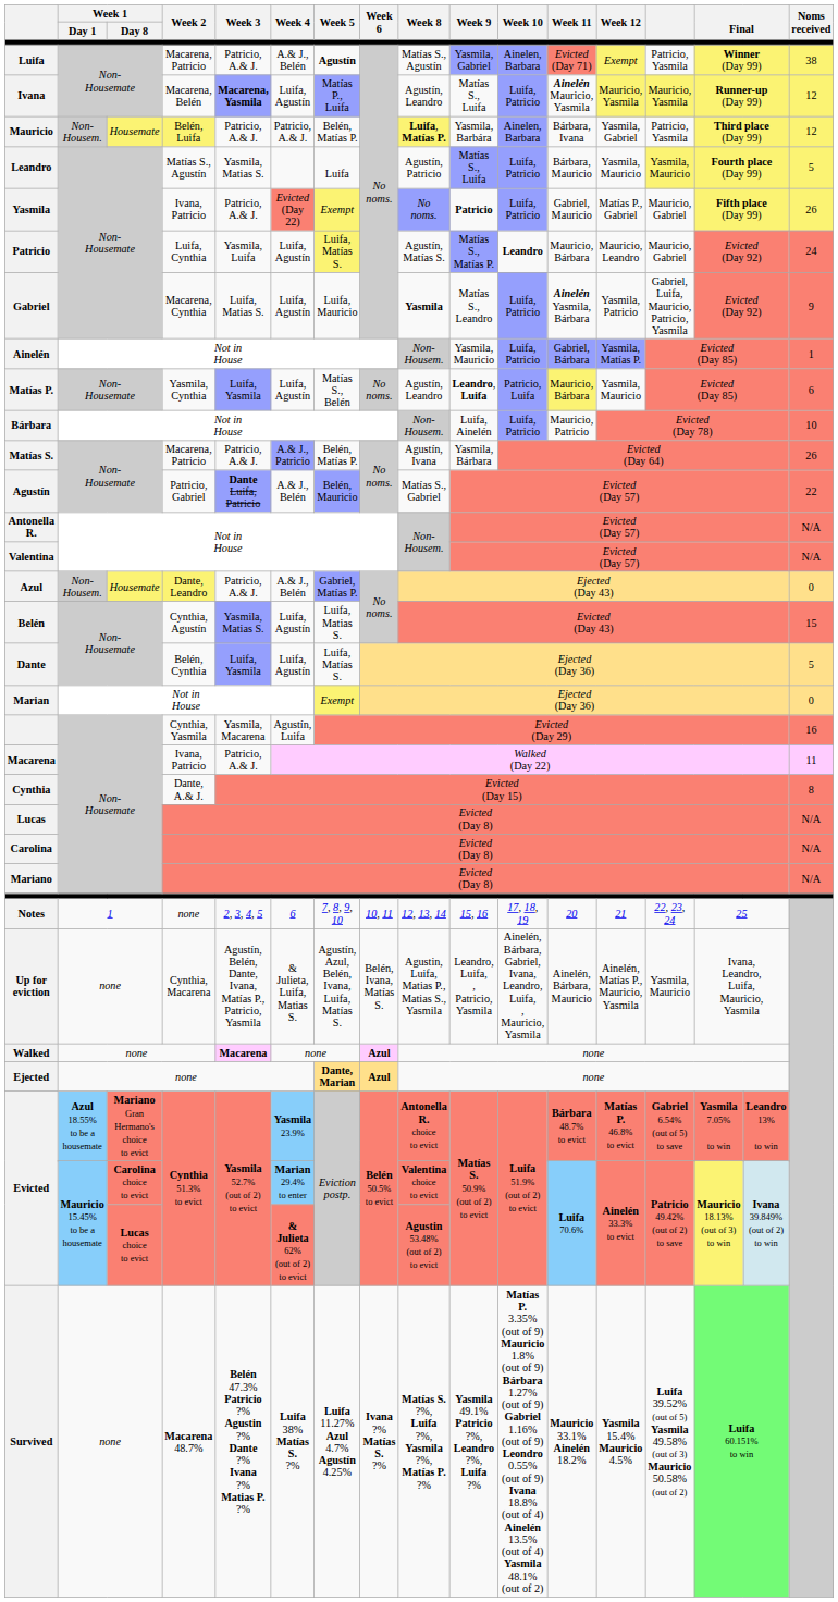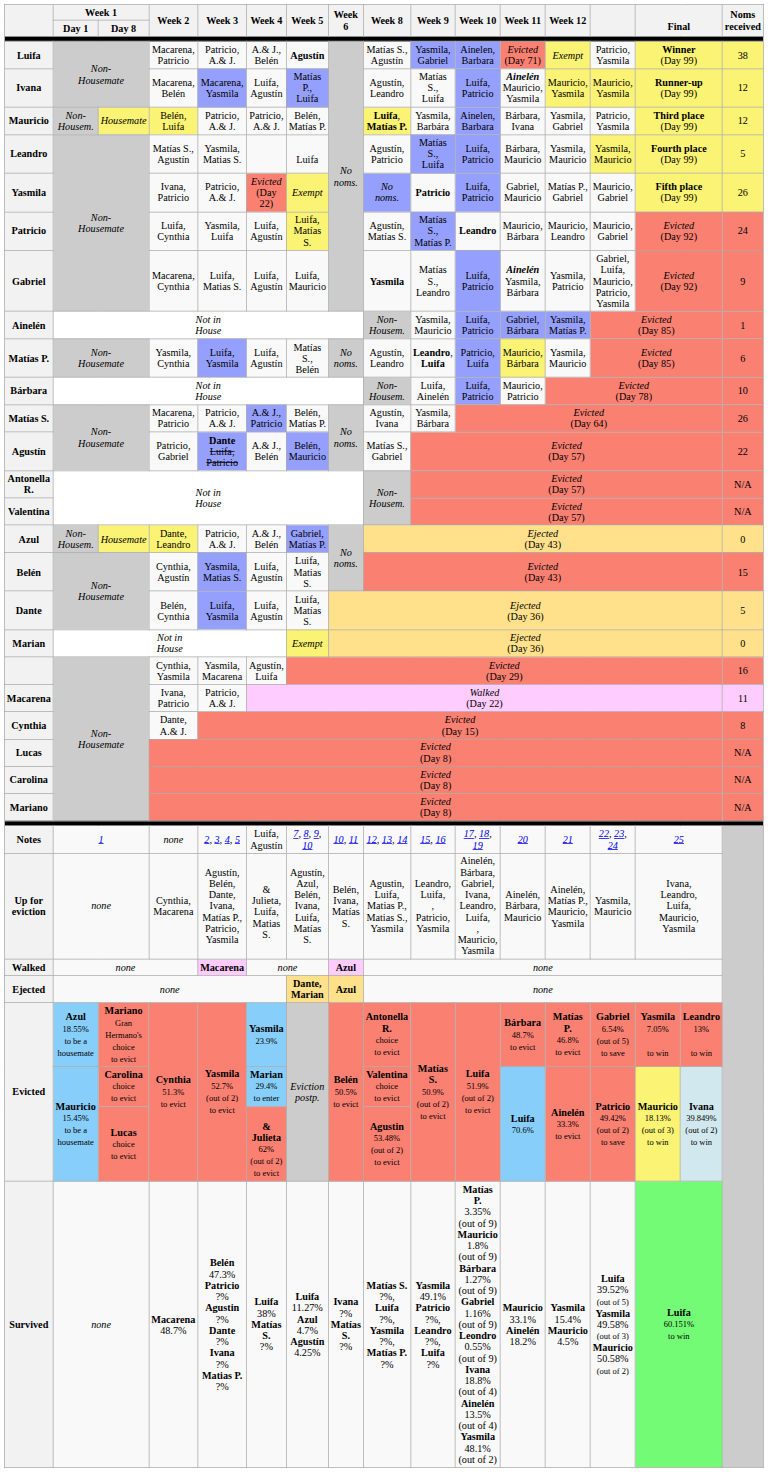 <table class="wikitable" style="text-align:center; font-size:85%; line-height:15px">
 <tr>
 <th rowspan="2" style="width: 5%;"></th>
 <th colspan="2" style="width: 10%;">Week 1</th>
 <th rowspan="2" style="width: 5%;">Week 2</th>
 <th rowspan="2" style="width: 5%;">Week 3</th>
 <th rowspan="2" style="width: 5%;">Week 4</th>
 <th rowspan="2" style="width: 5%;">Week 5</th>
 <th rowspan="2" style="width: 5%;">Week 6</th>
 <th rowspan="2" style="width: 5%;">Week 8</th>
 <th rowspan="2" style="width: 5%;">Week 9</th>
 <th rowspan="2" style="width: 5%;">Week 10</th>
 <th rowspan="2" style="width: 5%;">Week 11</th>
 <th rowspan="2" style="width: 5%;">Week 12</th>
 <th rowspan="2" style="width: 5%;"></th>
 <th colspan="2" rowspan="2" style="width: 10%;"><br>Final</th>
 <th rowspan="2" style="width: 5%;">Noms<br>received</th>
 </tr>
 <tr>
 <th style="width: 5%;">Day 1</th>
 <th style="width: 5%;">Day 8</th>
 </tr>
 <tr>
 <td colspan="17" style="background:black;"></td>
 </tr>
 <tr>
 <th>Luifa</th>
 <td colspan="2" rowspan="2" style="background:#CCC;"><em>Non-<br>Housemate</em></td>
 <td>Macarena,<br>Patricio</td>
 <td>Patricio,<br>A.& J.</td>
 <td>A.& J.,<br>Belén</td>
 <td><strong>Agustín </strong></td>
 <td rowspan="7" style="background:#ccc"><em>No<br>noms.</em></td>
 <td>Matías S.,<br>Agustín</td>
 <td style="background:#959FFD">Yasmila,<br>Gabriel</td>
 <td style="background:#959FFD">Ainelen,<br>Barbara</td>
 <td style="background:salmon;"><em>Evicted</em><br>(Day 71)</td>
 <td style="background:#FBF373"><em>Exempt</em></td>
 <td>Patricio,<br>Yasmila</td>
 <td style="background:#FBF373" colspan="2"><strong>Winner</strong><br>(Day 99)</td>
 <td style="background:#FBF373;">38</td>
 </tr>
 <tr>
 <th>Ivana</th>
 <td>Macarena,<br>Belén</td>
-<td style="background:#959FFD"><strong>Macarena,<br>Yasmila</strong></td>
+<td style="background:#959FFD">Macarena,<br>Yasmila</td>
 <td>Luifa,<br>Agustín</td>
 <td style="background:#959FFD">Matías P.,<br>Luifa</td>
 <td>Agustín,<br>Leandro</td>
 <td>Matías S.,<br>Luifa</td>
 <td style="background:#959FFD">Luifa,<br>Patricio</td>
 <td><strong><em>Ainelén</em></strong><br>Mauricio,<br>Yasmila</td>
 <td style="background:#FBF373">Mauricio,<br>Yasmila</td>
 <td style="background:#FBF373">Mauricio,<br>Yasmila</td>
 <td style="background:#FBF373" colspan="2"><strong>Runner-up</strong><br>(Day 99)</td>
 <td style="background:#FBF373;">12</td>
 </tr>
 <tr>
 <th>Mauricio</th>
 <td style="background:#CCC;"><em>Non-<br>Housem.</em></td>
 <td style="background:#FBF373"><em>Housemate</em></td>
 <td style="background:#FBF373">Belén,<br>Luifa</td>
 <td>Patricio,<br>A.& J.</td>
 <td>Patricio,<br>A.& J.</td>
 <td>Belén,<br>Matías P.</td>
 <td style="background:#FBF373"><strong>Luifa</strong>,<br><strong>Matías P.</strong></td>
 <td>Yasmila,<br>Barbára</td>
 <td style="background:#959FFD">Ainelen,<br>Barbara</td>
 <td>Bárbara,<br>Ivana</td>
 <td>Yasmila,<br>Gabriel</td>
 <td>Patricio,<br>Yasmila</td>
 <td style="background:#FBF373" colspan="2"><strong>Third place</strong><br>(Day 99)</td>
 <td style="background:#FBF373;">12</td>
 </tr>
 <tr>
 <th>Leandro</th>
 <td colspan="2" rowspan="4" style="background:#CCC;"><em>Non-<br>Housemate</em></td>
 <td>Matías S.,<br>Agustín</td>
 <td>Yasmila,<br>Matias S.</td>
 <td></td>
 <td><br>Luifa</td>
 <td>Agustín,<br>Patricio</td>
 <td style="background:#959FFD">Matías S.,<br>Luifa</td>
 <td style="background:#959FFD">Luifa,<br>Patricio</td>
 <td>Bárbara,<br>Mauricio</td>
 <td>Yasmila,<br>Mauricio</td>
 <td style="background:#FBF373">Yasmila,<br>Mauricio</td>
 <td colspan="2" style="background:#FBF373;"><strong>Fourth place</strong><br>(Day 99)</td>
 <td style="background:#FBF373;">5</td>
 </tr>
 <tr>
 <th>Yasmila</th>
 <td>Ivana,<br>Patricio</td>
 <td>Patricio,<br>A.& J.</td>
 <td style="background:salmon;"><em>Evicted</em><br>(Day 22)</td>
 <td style="background:#FBF373"><em>Exempt</em></td>
 <td style="background:#959FFD"><em>No<br>noms.</em></td>
 <td><strong>Patricio</strong></td>
 <td style="background:#959FFD">Luifa,<br>Patricio</td>
 <td>Gabriel,<br>Mauricio</td>
 <td nowrap>Matías P.,<br>Gabriel</td>
 <td>Mauricio,<br>Gabriel</td>
 <td colspan="2" style="background:#FBF373;"><strong>Fifth place</strong><br>(Day 99)</td>
 <td style="background:#FBF373;">26</td>
 </tr>
 <tr>
 <th>Patricio</th>
 <td>Luifa,<br>Cynthia</td>
 <td>Yasmila,<br>Luifa</td>
 <td>Luifa,<br>Agustín</td>
 <td style="background:#FBF373">Luifa,<br>Matías S.</td>
 <td>Agustín,<br>Matías S.</td>
 <td style="background:#959FFD">Matías S.,<br>Matías P.</td>
 <td><strong>Leandro</strong></td>
 <td>Mauricio,<br>Bárbara</td>
 <td>Mauricio,<br>Leandro</td>
 <td>Mauricio,<br>Gabriel</td>
 <td colspan="2" style="background:salmon;"><em>Evicted</em><br>(Day 92)</td>
 <td style="background:salmon;">24</td>
 </tr>
 <tr>
 <th>Gabriel</th>
 <td>Macarena,<br>Cynthia</td>
 <td>Luifa,<br>Matias S.</td>
 <td>Luifa,<br>Agustín</td>
 <td>Luifa,<br>Mauricio</td>
 <td><strong>Yasmila</strong></td>
 <td>Matías S.,<br>Leandro</td>
 <td style="background:#959FFD">Luifa,<br>Patricio</td>
 <td><strong><em>Ainelén</em></strong><br>Yasmila,<br>Bárbara</td>
 <td>Yasmila,<br>Patricio</td>
 <td>Gabriel,<br>Luifa,<br>Mauricio,<br>Patricio,<br>Yasmila</td>
 <td colspan="2" style="background:salmon;"><em>Evicted</em><br>(Day 92)</td>
 <td style="background:salmon;">9</td>
 </tr>
 <tr>
 <th>Ainelén</th>
 <td colspan="7" style="background:white;"><em>Not in<br>House</em></td>
 <td style="background:#CCC;"><em>Non-<br>Housem.</em></td>
 <td>Yasmila,<br>Mauricio</td>
 <td style="background:#959FFD">Luifa,<br>Patricio</td>
 <td style="background:#959FFD">Gabriel,<br>Bárbara</td>
 <td style="background:#959FFD" nowrap>Yasmila,<br>Matías P.</td>
 <td colspan="3" style="background:salmon;"><em>Evicted</em><br>(Day 85)</td>
 <td style="background:salmon;">1</td>
 </tr>
 <tr>
 <th>Matías P.</th>
 <td colspan="2" style="background:#CCC;"><em>Non-<br>Housemate</em></td>
 <td>Yasmila,<br>Cynthia</td>
 <td style="background:#959FFD">Luifa,<br>Yasmila</td>
 <td>Luifa,<br>Agustín</td>
 <td>Matías S.,<br>Belén</td>
 <td style="background:#ccc"><em>No<br>noms.</em></td>
 <td>Agustín,<br>Leandro</td>
 <td><strong>Leandro</strong>,<br><strong>Luifa</strong></td>
 <td style="background:#959FFD">Patricio,<br>Luifa</td>
 <td style="background:#FBF373">Mauricio,<br>Bárbara</td>
 <td>Yasmila,<br>Mauricio</td>
 <td colspan="3" style="background:salmon;"><em>Evicted</em><br>(Day 85)</td>
 <td style="background:salmon;">6</td>
 </tr>
 <tr>
 <th>Bárbara</th>
 <td colspan="7" style="background:white;"><em>Not in<br>House</em></td>
 <td style="background:#CCC;"><em>Non-<br>Housem.</em></td>
 <td>Luifa,<br>Ainelén</td>
 <td style="background:#959FFD">Luifa,<br>Patricio</td>
 <td>Mauricio,<br>Patricio</td>
 <td colspan="4" style="background:salmon;"><em>Evicted</em><br>(Day 78)</td>
 <td style="background:salmon;">10</td>
 </tr>
 <tr>
 <th>Matías S.</th>
 <td colspan="2" rowspan="2" style="background:#CCC;"><em>Non-<br>Housemate</em></td>
 <td>Macarena,<br>Patricio</td>
 <td>Patricio,<br>A.& J.</td>
 <td style="background:#959FFD">A.& J.,<br>Patricio</td>
 <td>Belén,<br>Matías P.</td>
 <td rowspan="2" style="background:#ccc"><em>No<br>noms.</em></td>
 <td>Agustín,<br>Ivana</td>
 <td>Yasmila,<br>Bárbara</td>
 <td colspan="6" style="background:salmon;"><em>Evicted</em><br>(Day 64)</td>
 <td style="background:salmon;">26</td>
 </tr>
 <tr>
 <th>Agustín</th>
 <td>Patricio,<br>Gabriel</td>
 <td style="background:#959FFD"><strong>Dante</strong><br><s>Luifa,<br>Patricio</s></td>
 <td>A.& J.,<br>Belén</td>
 <td style="background:#959FFD">Belén,<br>Mauricio</td>
 <td>Matías S.,<br>Gabriel</td>
 <td colspan="7" style="background:salmon;"><em>Evicted</em><br>(Day 57)</td>
 <td style="background:salmon;">22</td>
 </tr>
 <tr>
 <th>Antonella R.</th>
 <td colspan="7" rowspan="2" style="background:white;"><em>Not in<br>House</em></td>
 <td rowspan="2" style="background:#CCC;"><em>Non-<br>Housem.</em></td>
 <td colspan="7" style="background:salmon;"><em>Evicted</em><br>(Day 57)</td>
 <td style="background:salmon;">N/A</td>
 </tr>
 <tr>
 <th>Valentina</th>
 <td colspan="7" style="background:salmon;"><em>Evicted</em><br>(Day 57)</td>
 <td style="background:salmon;">N/A</td>
 </tr>
 <tr>
 <th>Azul</th>
 <td style="background:#CCC;"><em>Non-<br>Housem.</em></td>
 <td style="background:#FBF373"><em>Housemate</em></td>
 <td style="background:#FBF373">Dante,<br>Leandro</td>
 <td>Patricio,<br>A.& J.</td>
 <td>A.& J.,<br>Belén</td>
 <td style="background:#959FFD">Gabriel,<br>Matías P.</td>
 <td rowspan="2" style="background:#ccc"><em>No<br>noms.</em></td>
 <td colspan="8" style="background:#FFE08B;"><em>Ejected</em><br>(Day 43)</td>
 <td style="background:#FFE08B;">0</td>
 </tr>
 <tr>
 <th>Belén</th>
 <td colspan="2" rowspan="2" style="background:#CCC;"><em>Non-<br>Housemate</em></td>
 <td>Cynthia,<br>Agustín</td>
 <td style="background:#959FFD">Yasmila,<br>Matias S.</td>
 <td>Luifa,<br>Agustín</td>
 <td>Luifa,<br>Matias S.</td>
 <td colspan="8" style="background:salmon;"><em>Evicted</em><br>(Day 43)</td>
 <td style="background:salmon;">15</td>
 </tr>
 <tr>
 <th>Dante</th>
 <td>Belén,<br>Cynthia</td>
 <td style="background:#959FFD">Luifa,<br>Yasmila</td>
 <td>Luifa,<br>Agustín</td>
 <td>Luifa,<br>Matías S.</td>
 <td colspan="9" style="background:#FFE08B;"><em>Ejected</em><br>(Day 36)</td>
 <td style="background:#FFE08B;">5</td>
 </tr>
 <tr>
 <th>Marian</th>
 <td colspan="5" style="background:white;"><em>Not in<br>House</em></td>
 <td style="background:#FBF373"><em>Exempt</em></td>
 <td colspan="9" style="background:#FFE08B;"><em>Ejected</em><br>(Day 36)</td>
 <td style="background:#FFE08B;">0</td>
 </tr>
 <tr>
 <th></th>
 <td colspan="2" rowspan="6" style="background:#CCC;"><em>Non-<br>Housemate</em></td>
 <td>Cynthia,<br>Yasmila</td>
 <td>Yasmila,<br>Macarena</td>
 <td>Agustín,<br>Luifa</td>
 <td colspan="10" style="background:salmon;"><em>Evicted</em><br>(Day 29)</td>
 <td style="background:salmon;">16</td>
 </tr>
 <tr>
 <th>Macarena</th>
 <td>Ivana,<br>Patricio</td>
 <td>Patricio,<br>A.& J.</td>
 <td colspan="11" style="background:#fcf;"><em>Walked</em><br>(Day 22)</td>
 <td style="background:#fcf;">11</td>
 </tr>
 <tr>
 <th>Cynthia</th>
 <td>Dante,<br>A.& J.</td>
 <td colspan="12" style="background:salmon;"><em>Evicted</em><br>(Day 15)</td>
 <td style="background:salmon;">8</td>
 </tr>
 <tr>
 <th>Lucas</th>
 <td colspan="13" style="background:salmon; "><em>Evicted</em><br>(Day 8)</td>
 <td style="background:salmon;">N/A</td>
 </tr>
 <tr>
 <th>Carolina</th>
 <td colspan="13" style="background:salmon; "><em>Evicted</em><br>(Day 8)</td>
 <td style="background:salmon;">N/A</td>
 </tr>
 <tr>
 <th>Mariano</th>
 <td colspan="13" style="background:salmon; "><em>Evicted</em><br>(Day 8)</td>
 <td style="background:salmon;">N/A</td>
 </tr>
 <tr>
 <td colspan="17" style="background:black;"></td>
 </tr>
 <tr>
 <th>Notes</th>
 <td colspan="2"><em><a href='#'>1</a></em></td>
 <td><em>none</em></td>
 <td><em><a href='#'>2</a>, <a href='#'>3</a>, <a href='#'>4</a>, <a href='#'>5</a></em></td>
-<td><em><a href='#'>6</a></em></td>
+<td>Luifa,<br>Agustín</td>
 <td><em><a href='#'>7</a>, <a href='#'>8</a>, <a href='#'>9</a>, <a href='#'>10</a></em></td>
 <td><em><a href='#'>10</a>, <a href='#'>11</a></em></td>
 <td><em><a href='#'>12</a>, <a href='#'>13</a>, <a href='#'>14</a></em></td>
 <td><em><a href='#'>15</a>, <a href='#'>16</a></em></td>
 <td><em><a href='#'>17</a>, <a href='#'>18</a>, <a href='#'>19</a></em></td>
 <td><em><a href='#'>20</a></em></td>
 <td><em><a href='#'>21</a></em></td>
 <td><em><a href='#'>22</a>, <a href='#'>23</a>, <a href='#'>24</a></em></td>
 <td colspan="2"><em><a href='#'>25</a></em></td>
 <td rowspan="10" style="background:#ccc;"></td>
 </tr>
 <tr>
 <th>Up for<br>eviction</th>
 <td colspan="2"><em>none</em></td>
 <td>Cynthia,<br>Macarena</td>
 <td>Agustín,<br>Belén,<br>Dante,<br>Ivana,<br>Matías P.,<br>Patricio,<br>Yasmila</td>
 <td><br>& Julieta,<br>Luifa,<br>Matias S.</td>
 <td>Agustín,<br>Azul,<br>Belén,<br>Ivana,<br>Luifa,<br>Matías S.</td>
 <td>Belén,<br>Ivana,<br>Matías S.</td>
 <td>Agustin,<br>Luifa,<br>Matias P.,<br>Matias S.,<br>Yasmila</td>
 <td>Leandro,<br>Luifa,<br>,<br>Patricio,<br>Yasmila</td>
 <td>Ainelén,<br>Bárbara,<br>Gabriel,<br>Ivana,<br>Leandro,<br>Luifa,<br>,<br>Mauricio,<br>Yasmila</td>
 <td>Ainelén,<br>Bárbara,<br>Mauricio</td>
 <td>Ainelén,<br>Matías P.,<br>Mauricio,<br>Yasmila</td>
 <td>Yasmila,<br>Mauricio</td>
 <td colspan="2">Ivana,<br>Leandro,<br>Luifa,<br>Mauricio,<br>Yasmila</td>
 </tr>
 <tr>
 <th>Walked</th>
 <td colspan="3"><em>none</em></td>
 <td style="background:#fcf;"><strong>Macarena</strong></td>
 <td colspan="2"><em>none</em></td>
 <td style="background:#fcf;"><strong>Azul</strong></td>
 <td colspan="8"><em>none</em></td>
 </tr>
 <tr>
 <th>Ejected</th>
 <td colspan="5"><em>none</em></td>
 <td style="background:#FFE08B;"><strong>Dante,<br>Marian</strong></td>
 <td style="background:#FFE08B;"><strong>Azul</strong></td>
 <td colspan="8"><em>none</em></td>
 </tr>
 <tr>
 <th rowspan="4">Evicted</th>
 <td rowspan="2" style="background:#87CEFA"><strong>Azul</strong><br><small>18.55%<br>to be a housemate</small></td>
 <td style="background:salmon"><strong>Mariano</strong><br><small>Gran Hermano's choice<br>to evict</small></td>
 <td rowspan="4" style="background:salmon"><strong>Cynthia</strong><br><small>51.3%<br>to evict</small></td>
 <td rowspan="4" style="background:salmon"><strong>Yasmila</strong><br><small>52.7%<br>(out of 2)<br>to evict</small></td>
 <td style="background:#87CEFA;"><strong>Yasmila</strong><br><small>23.9%<br></small></td>
 <td rowspan="4" style="background:#ccc"><em>Eviction<br>postp.</em></td>
 <td rowspan="4" style="background:salmon"><strong>Belén</strong><br><small>50.5%<br>to evict</small></td>
 <td style="background:salmon"><strong>Antonella R.</strong><br><small> choice<br>to evict</small></td>
 <td rowspan="4" style="background:salmon"><strong>Matías S.</strong><br><small>50.9%<br>(out of 2)<br>to evict</small></td>
 <td rowspan="4" style="background:salmon"><strong>Luifa</strong><br><small>51.9%<br>(out of 2)<br>to evict</small></td>
 <td rowspan="2" style="background:salmon"><strong>Bárbara</strong><br><small>48.7%<br>to evict</small></td>
 <td rowspan="2" style="background:salmon"><strong>Matías P.</strong><br><small>46.8%<br>to evict</small></td>
 <td rowspan="2" style="background:salmon"><strong>Gabriel</strong><br><small>6.54%<br>(out of 5)<br>to save</small></td>
 <td rowspan="2" style="background:salmon"><strong>Yasmila</strong><br><small>7.05%<br><br>to win</small></td>
 <td rowspan="2" style="background:salmon"><strong>Leandro</strong><br><small>13%<br><br>to win</small></td>
 </tr>
 <tr>
 <td rowspan="2" style="background:salmon"><strong>Carolina</strong><br><small> choice<br>to evict</small></td>
 <td rowspan="2" style="background:#87CEFA;"><strong>Marian</strong><br><small>29.4%<br>to enter</small></td>
 <td rowspan="2" style="background:salmon"><strong>Valentina </strong><br><small> choice<br>to evict</small></td>
 </tr>
 <tr>
 <td rowspan="2" style="background:#87CEFA"><strong>Mauricio</strong><br><small>15.45%<br>to be a housemate</small></td>
 <td rowspan="2" style="background:#87CEFA"><strong>Luifa</strong><br><small>70.6%<br></small></td>
 <td rowspan="2" style="background:salmon"><strong>Ainelén</strong><br><small>33.3%<br>to evict</small></td>
 <td rowspan="2" style="background:salmon"><strong>Patricio</strong><br><small>49.42%<br>(out of 2)<br>to save</small></td>
 <td rowspan="2" style="background:#FBF373"><strong>Mauricio</strong><br><small>18.13%<br>(out of 3)<br>to win</small></td>
 <td rowspan="2" style="background:#D1E8EF"><strong>Ivana</strong><br><small>39.849%<br>(out of 2)<br>to win</small></td>
 </tr>
 <tr>
 <td style="background:salmon"><strong>Lucas</strong><br><small> choice<br>to evict</small></td>
 <td style="background:salmon;"><strong><br>& Julieta</strong><br><small>62%<br>(out of 2)<br>to evict</small></td>
 <td style="background:salmon"><strong>Agustin</strong><br><small>53.48%<br>(out of 2)<br>to evict</small></td>
 </tr>
 <tr>
 <th rowspan="2">Survived</th>
 <td rowspan="2" colspan="2"><em>none</em></td>
 <td rowspan="2"><strong>Macarena</strong><br>48.7%</td>
 <td><strong>Belén</strong><br>47.3%<br><strong>Patricio</strong><br>?%<br><strong>Agustin</strong><br>?%<br><strong>Dante</strong><br>?%<br><strong>Ivana</strong><br>?%<br><strong>Matias P.</strong><br>?%</td>
 <td><strong>Luifa</strong><br>38%<br><strong>Matías S.</strong><br>?%</td>
 <td rowspan="2"><strong>Luifa</strong><br>11.27%<br><strong>Azul</strong><br>4.7%<br><strong>Agustín</strong><br>4.25%</td>
 <td rowspan="2"><strong>Ivana</strong><br>?%<br><strong>Matías S.</strong><br>?%</td>
 <td rowspan="2"><strong>Matías S.</strong><br>?%,<br><strong>Luifa</strong><br>?%,<br><strong>Yasmila</strong><br>?%,<br><strong>Matías P.</strong><br>?%</td>
 <td><strong>Yasmila</strong><br>49.1%<br><strong>Patricio</strong><br>?%,<br><strong>Leandro</strong><br>?%,<br><strong>Luifa</strong><br>?%</td>
 <td rowspan="2"><strong>Matías P.</strong><br>3.35%<br>(out of 9)<br><strong>Mauricio</strong><br>1.8%<br>(out of 9)<br><strong>Bárbara</strong><br>1.27%<br>(out of 9)<br><strong>Gabriel</strong><br>1.16%<br>(out of 9)<br><strong>Leondro</strong><br>0.55%<br>(out of 9)<br><strong>Ivana</strong><br>18.8%<br>(out of 4)<br><strong>Ainelén</strong><br>13.5%<br>(out of 4)<br><strong>Yasmila</strong><br>48.1%<br>(out of 2)</td>
 <td rowspan="2"><strong>Mauricio</strong><br>33.1%<br><strong>Ainelén</strong><br>18.2%</td>
 <td rowspan="2"><strong>Yasmila</strong><br>15.4%<br><strong>Mauricio</strong><br>4.5%</td>
 <td rowspan="2"><strong>Luifa</strong><br>39.52%<br><small>(out of 5)</small><br><strong>Yasmila</strong><br>49.58%<br><small>(out of 3)</small><br><strong>Mauricio</strong><br>50.58%<br><small>(out of 2)</small></td>
 <td colspan="2" rowspan="2" style="background:#73FB76"><strong>Luifa</strong><br><small>60.151%<br>to win</small></td>
 </tr>
 </table>
